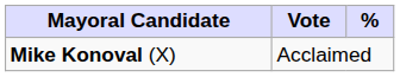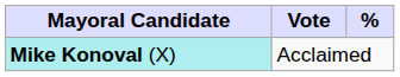 <table class="wikitable">
 <tr>
 <th style="background:#ddf; width:200px;">Mayoral Candidate</th>
 <th style="background:#ddf; width:50px;">Vote</th>
 <th style="background:#ddf; width:30px;">%</th>
 </tr>
 <tr>
-<td><strong>Mike Konoval</strong> (X)</td>
+<td style="background: paleturquoise;"><strong>Mike Konoval</strong> (X)</td>
 <td colspan="2">Acclaimed</td>
 </tr>
 </table>
